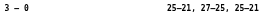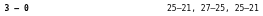 <table width=100% cellspacing=1>
 <tr>
 <th width=20%></th>
 <th width=12%></th>
 <th width=20%></th>
 <th width=33%></th>
 <td></td>
 </tr>
 <tr style=font-size:95%>
 <td align=right><strong></strong></td>
 <td align=center><strong>3 – 0</strong></td>
 <td></td>
-<td><strong>25–21, 27–25, 25–21</strong></td>
+<td>25–21, 27–25, 25–21</td>
 </tr>
 </table>
